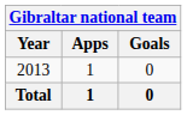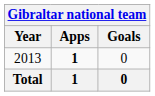 <table class="wikitable" style="text-align:center">
 <tr>
 <th colspan=3><a href='#'>Gibraltar national team</a></th>
 </tr>
 <tr>
 <th>Year</th>
 <th>Apps</th>
 <th>Goals</th>
 </tr>
 <tr>
 <td>2013</td>
-<td>1</td>
+<td><strong>1</strong></td>
 <td>0</td>
 </tr>
 <tr>
 <th>Total</th>
 <th>1</th>
 <th>0</th>
 </tr>
 </table>
